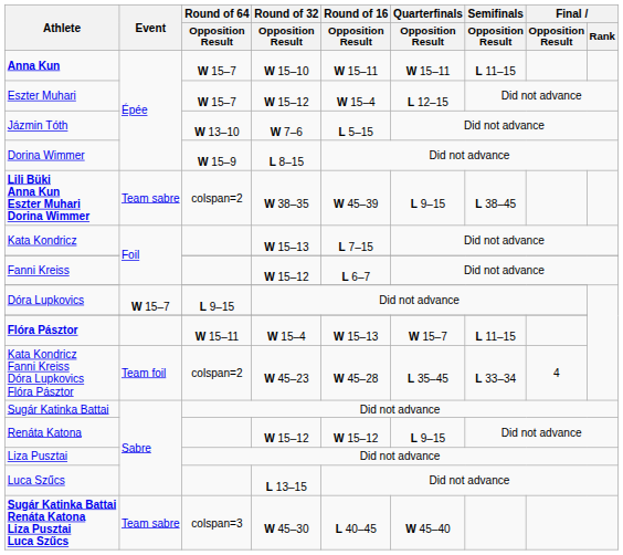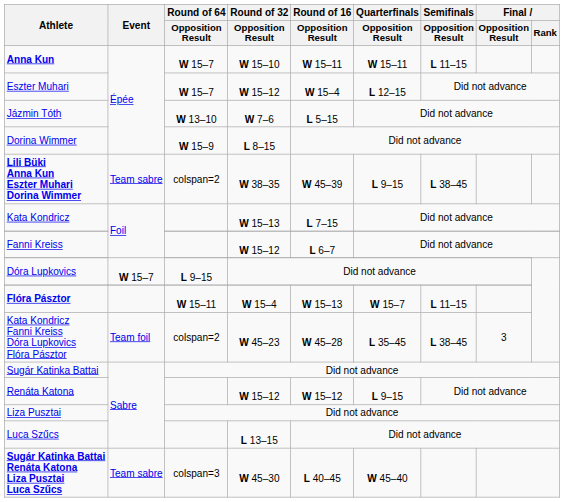 <table class=wikitable style="font-size:90%">
 <tr>
 <th rowspan="2">Athlete</th>
 <th rowspan="2">Event</th>
 <th>Round of 64</th>
 <th>Round of 32</th>
 <th>Round of 16</th>
 <th>Quarterfinals</th>
 <th>Semifinals</th>
 <th colspan="2">Final / </th>
 </tr>
 <tr style="font-size:95%">
 <th>Opposition<br>Result</th>
 <th>Opposition<br>Result</th>
 <th>Opposition<br>Result</th>
 <th>Opposition<br>Result</th>
 <th>Opposition<br>Result</th>
 <th>Opposition<br>Result</th>
 <th>Rank</th>
 </tr>
 <tr align=center>
 <td align=left><strong><a href='#'>Anna Kun</a></strong></td>
 <td align=left rowspan=4><a href='#'>Épée</a></td>
 <td><br><strong>W</strong> 15–7</td>
 <td><br><strong>W</strong> 15–10</td>
 <td><br><strong>W</strong> 15–11</td>
 <td><br><strong>W</strong> 15–11</td>
 <td><br><strong>L</strong> 11–15</td>
 <td></td>
 <td></td>
 </tr>
 <tr align=center>
 <td align=left><a href='#'>Eszter Muhari</a></td>
 <td><br><strong>W</strong> 15–7</td>
 <td><br><strong>W</strong> 15–12</td>
 <td><br><strong>W</strong> 15–4</td>
 <td><br><strong>L</strong> 12–15</td>
 <td colspan=3>Did not advance</td>
 </tr>
 <tr align=center>
 <td align=left><a href='#'>Jázmin Tóth</a></td>
 <td><br><strong>W</strong> 13–10</td>
 <td><br><strong>W</strong> 7–6</td>
 <td><br><strong>L</strong> 5–15</td>
 <td colspan=4>Did not advance</td>
 </tr>
 <tr align=center>
 <td align=left><a href='#'>Dorina Wimmer</a></td>
 <td><br><strong>W</strong> 15–9</td>
 <td><br><strong>L</strong> 8–15</td>
 <td colspan=5>Did not advance</td>
 </tr>
 <tr align=center>
 <td align=left><strong><a href='#'>Lili Büki</a><br><a href='#'>Anna Kun</a><br><a href='#'>Eszter Muhari</a><br><a href='#'>Dorina Wimmer</a></strong></td>
 <td align=left><a href='#'>Team sabre</a></td>
 <td>colspan=2</td>
 <td><br><strong>W</strong> 38–35</td>
 <td><br><strong>W</strong> 45–39</td>
 <td><br><strong>L</strong> 9–15</td>
 <td><br><strong>L</strong> 38–45</td>
 <td></td>
 </tr>
 <tr align=center>
 <td align=left><a href='#'>Kata Kondricz</a></td>
 <td align=left rowspan=4><a href='#'>Foil</a></td>
 <td></td>
 <td><br><strong>W</strong> 15–13</td>
 <td><br><strong>L</strong> 7–15</td>
 <td colspan=4>Did not advance</td>
 </tr>
 <tr>
 </tr>
 <tr align=center>
 <td align=left><a href='#'>Fanni Kreiss</a></td>
 <td></td>
 <td><br><strong>W</strong> 15–12</td>
 <td><br><strong>L</strong> 6–7</td>
 <td colspan=4>Did not advance</td>
 </tr>
 <tr>
 </tr>
 <tr align=center>
 <td align=left><a href='#'>Dóra Lupkovics</a></td>
 <td><br><strong>W</strong> 15–7</td>
 <td><br><strong>L</strong> 9–15</td>
 <td colspan=5>Did not advance</td>
 </tr>
 <tr>
 </tr>
 <tr align=center>
 <td align=left><strong><a href='#'>Flóra Pásztor</a></strong></td>
 <td></td>
 <td><br><strong>W</strong> 15–11</td>
 <td><br><strong>W</strong> 15–4</td>
 <td><br><strong>W</strong> 15–13</td>
 <td><br><strong>W</strong> 15–7</td>
 <td><br><strong>L</strong> 11–15</td>
 <td></td>
 </tr>
 <tr align=center>
 <td align=left><a href='#'>Kata Kondricz</a><br><a href='#'>Fanni Kreiss</a><br><a href='#'>Dóra Lupkovics</a><br><a href='#'>Flóra Pásztor</a></td>
 <td align=left><a href='#'>Team foil</a></td>
 <td>colspan=2</td>
 <td><br><strong>W</strong> 45–23</td>
 <td><br><strong>W</strong> 45–28</td>
 <td><br><strong>L</strong> 35–45</td>
-<td><br><strong>L</strong> 33–34</td>
-<td>4</td>
+<td><br><strong>L</strong> 38–45</td>
+<td>3</td>
 </tr>
 <tr align=center>
 <td align=left><a href='#'>Sugár Katinka Battai</a></td>
 <td align=left rowspan=4><a href='#'>Sabre</a></td>
 <td colspan=7>Did not advance</td>
 </tr>
 <tr align=center>
 <td align=left><a href='#'>Renáta Katona</a></td>
 <td></td>
 <td><br><strong>W</strong> 15–12</td>
 <td><br><strong>W</strong> 15–12</td>
 <td><br><strong>L</strong> 9–15</td>
 <td colspan=3>Did not advance</td>
 </tr>
 <tr align=center>
 <td align=left><a href='#'>Liza Pusztai</a></td>
 <td colspan=7>Did not advance</td>
 </tr>
 <tr align=center>
 <td align=left><a href='#'>Luca Szűcs</a></td>
 <td></td>
 <td><br><strong>L</strong> 13–15</td>
 <td colspan=5>Did not advance</td>
 </tr>
 <tr align=center>
 <td align=left><strong><a href='#'>Sugár Katinka Battai</a><br><a href='#'>Renáta Katona</a><br><a href='#'>Liza Pusztai</a><br><a href='#'>Luca Szűcs</a></strong></td>
 <td align=left><a href='#'>Team sabre</a></td>
 <td>colspan=3</td>
 <td><br><strong>W</strong> 45–30</td>
 <td><br><strong>L</strong> 40–45</td>
 <td><br><strong>W</strong> 45–40</td>
 <td></td>
 </tr>
 </table>
